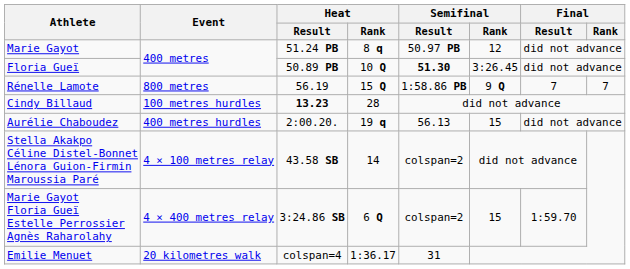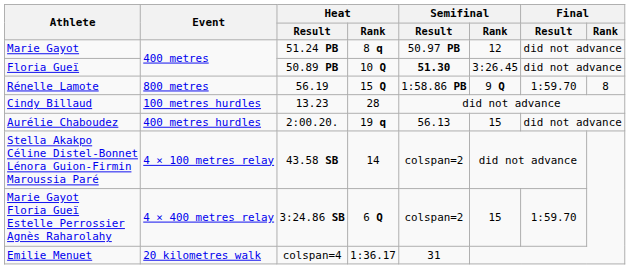 <table class="wikitable" style="font-size:90%">
 <tr>
 <th rowspan="2">Athlete</th>
 <th rowspan="2">Event</th>
 <th colspan="2">Heat</th>
 <th colspan="2">Semifinal</th>
 <th colspan="2">Final</th>
 </tr>
 <tr style="font-size:95%">
 <th>Result</th>
 <th>Rank</th>
 <th>Result</th>
 <th>Rank</th>
 <th>Result</th>
 <th>Rank</th>
 </tr>
 <tr style=text-align:center>
 <td style=text-align:left><a href='#'>Marie Gayot</a></td>
 <td style=text-align:left rowspan=2><a href='#'>400 metres</a></td>
 <td>51.24 <strong>PB</strong></td>
 <td>8 <strong>q</strong></td>
 <td>50.97 <strong>PB</strong></td>
 <td>12</td>
 <td colspan=2>did not advance</td>
 </tr>
 <tr style=text-align:center>
 <td style=text-align:left><a href='#'>Floria Gueï</a></td>
 <td>50.89 <strong>PB</strong></td>
 <td>10 <strong>Q</strong></td>
 <td><strong>51.30</strong></td>
 <td>3:26.45</td>
 <td colspan=2>did not advance</td>
 </tr>
 <tr style=text-align:center>
 <td style=text-align:left><a href='#'>Rénelle Lamote</a></td>
 <td style=text-align:left><a href='#'>800 metres</a></td>
 <td>56.19</td>
 <td>15 <strong>Q</strong></td>
 <td>1:58.86 <strong>PB</strong></td>
 <td>9 <strong>Q</strong></td>
-<td>7</td>
-<td>7</td>
+<td>1:59.70</td>
+<td>8</td>
 </tr>
 <tr style=text-align:center>
 <td style=text-align:left><a href='#'>Cindy Billaud</a></td>
 <td style=text-align:left><a href='#'>100 metres hurdles</a></td>
-<td><strong>13.23</strong></td>
+<td>13.23</td>
 <td>28</td>
 <td colspan="4">did not advance</td>
 </tr>
 <tr style=text-align:center>
 <td style=text-align:left><a href='#'>Aurélie Chaboudez</a></td>
 <td style=text-align:left><a href='#'>400 metres hurdles</a></td>
 <td>2:00.20.</td>
 <td>19 <strong>q</strong></td>
 <td>56.13</td>
 <td>15</td>
 <td colspan=2>did not advance</td>
 </tr>
 <tr style=text-align:center>
 <td style=text-align:left><a href='#'>Stella Akakpo</a><br><a href='#'>Céline Distel-Bonnet</a><br><a href='#'>Lénora Guion-Firmin</a><br><a href='#'>Maroussia Paré</a></td>
 <td style=text-align:left><a href='#'>4 × 100 metres relay</a></td>
 <td>43.58 <strong>SB</strong></td>
 <td>14</td>
 <td>colspan=2 </td>
 <td colspan="2">did not advance</td>
 </tr>
 <tr style=text-align:center>
 <td style=text-align:left><a href='#'>Marie Gayot</a><br><a href='#'>Floria Gueï</a><br><a href='#'>Estelle Perrossier</a><br><a href='#'>Agnès Raharolahy</a></td>
 <td style=text-align:left><a href='#'>4 × 400 metres relay</a></td>
 <td>3:24.86 <strong>SB</strong></td>
 <td>6 <strong>Q</strong></td>
 <td>colspan=2 </td>
 <td>15</td>
 <td>1:59.70</td>
 </tr>
 <tr style=text-align:center>
 <td style=text-align:left><a href='#'>Emilie Menuet</a></td>
 <td style=text-align:left><a href='#'>20 kilometres walk</a></td>
 <td>colspan=4 </td>
 <td>1:36.17</td>
 <td>31</td>
 </tr>
 </table>
